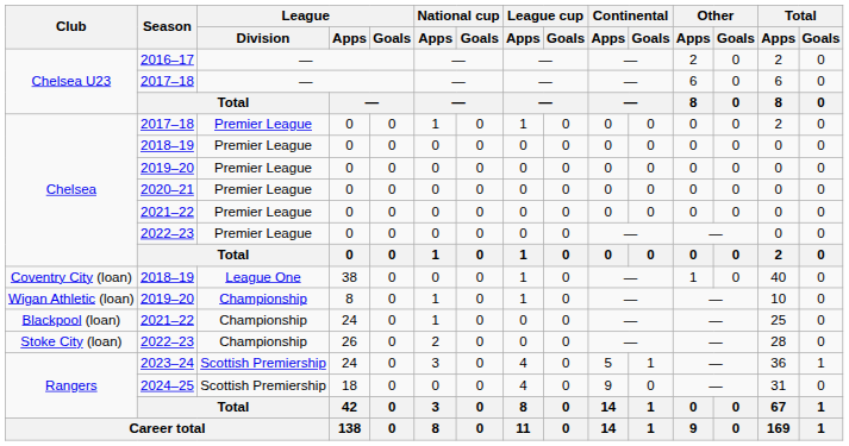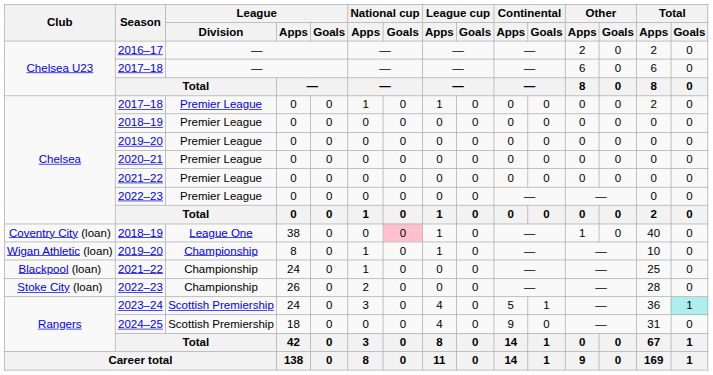 <table class="wikitable" style="text-align: center">
 <tr>
 <th rowspan=2>Club</th>
 <th rowspan=2>Season</th>
 <th colspan=3>League</th>
 <th colspan=2>National cup</th>
 <th colspan=2>League cup</th>
 <th colspan="2">Continental</th>
 <th colspan="2">Other</th>
 <th colspan=2>Total</th>
 </tr>
 <tr>
 <th>Division</th>
 <th>Apps</th>
 <th>Goals</th>
 <th>Apps</th>
 <th>Goals</th>
 <th>Apps</th>
 <th>Goals</th>
 <th>Apps</th>
 <th>Goals</th>
 <th>Apps</th>
 <th>Goals</th>
 <th>Apps</th>
 <th>Goals</th>
 </tr>
 <tr>
 <td rowspan="3"><a href='#'>Chelsea U23</a></td>
 <td><a href='#'>2016–17</a></td>
 <td colspan=3>—</td>
 <td colspan=2>—</td>
 <td colspan=2>—</td>
 <td colspan="2">—</td>
 <td>2</td>
 <td>0</td>
 <td>2</td>
 <td>0</td>
 </tr>
 <tr>
 <td><a href='#'>2017–18</a></td>
 <td colspan=3>—</td>
 <td colspan=2>—</td>
 <td colspan=2>—</td>
 <td colspan="2">—</td>
 <td>6</td>
 <td>0</td>
 <td>6</td>
 <td>0</td>
 </tr>
 <tr>
 <th colspan=2>Total</th>
 <th colspan=2>—</th>
 <th colspan=2>—</th>
 <th colspan=2>—</th>
 <th colspan="2">—</th>
 <th>8</th>
 <th>0</th>
 <th>8</th>
 <th>0</th>
 </tr>
 <tr>
 <td rowspan="7"><a href='#'>Chelsea</a></td>
 <td><a href='#'>2017–18</a></td>
 <td><a href='#'>Premier League</a></td>
 <td>0</td>
 <td>0</td>
 <td>1</td>
 <td>0</td>
 <td>1</td>
 <td>0</td>
 <td>0</td>
 <td>0</td>
 <td>0</td>
 <td>0</td>
 <td>2</td>
 <td>0</td>
 </tr>
 <tr>
 <td><a href='#'>2018–19</a></td>
 <td>Premier League</td>
 <td>0</td>
 <td>0</td>
 <td>0</td>
 <td>0</td>
 <td>0</td>
 <td>0</td>
 <td>0</td>
 <td>0</td>
 <td>0</td>
 <td>0</td>
 <td>0</td>
 <td>0</td>
 </tr>
 <tr>
 <td><a href='#'>2019–20</a></td>
 <td>Premier League</td>
 <td>0</td>
 <td>0</td>
 <td>0</td>
 <td>0</td>
 <td>0</td>
 <td>0</td>
 <td>0</td>
 <td>0</td>
 <td>0</td>
 <td>0</td>
 <td>0</td>
 <td>0</td>
 </tr>
 <tr>
 <td><a href='#'>2020–21</a></td>
 <td>Premier League</td>
 <td>0</td>
 <td>0</td>
 <td>0</td>
 <td>0</td>
 <td>0</td>
 <td>0</td>
 <td>0</td>
 <td>0</td>
 <td>0</td>
 <td>0</td>
 <td>0</td>
 <td>0</td>
 </tr>
 <tr>
 <td><a href='#'>2021–22</a></td>
 <td>Premier League</td>
 <td>0</td>
 <td>0</td>
 <td>0</td>
 <td>0</td>
 <td>0</td>
 <td>0</td>
 <td>0</td>
 <td>0</td>
 <td>0</td>
 <td>0</td>
 <td>0</td>
 <td>0</td>
 </tr>
 <tr>
 <td><a href='#'>2022–23</a></td>
 <td>Premier League</td>
 <td>0</td>
 <td>0</td>
 <td>0</td>
 <td>0</td>
 <td>0</td>
 <td>0</td>
 <td colspan="2">—</td>
 <td colspan="2">—</td>
 <td>0</td>
 <td>0</td>
 </tr>
 <tr>
 <th colspan=2>Total</th>
 <th>0</th>
 <th>0</th>
 <th>1</th>
 <th>0</th>
 <th>1</th>
 <th>0</th>
 <th>0</th>
 <th>0</th>
 <th>0</th>
 <th>0</th>
 <th>2</th>
 <th>0</th>
 </tr>
 <tr>
 <td><a href='#'>Coventry City</a> (loan)</td>
 <td><a href='#'>2018–19</a></td>
 <td><a href='#'>League One</a></td>
 <td>38</td>
 <td>0</td>
 <td>0</td>
-<td>0</td>
+<td style="background: pink;">0</td>
 <td>1</td>
 <td>0</td>
 <td colspan="2">—</td>
 <td>1</td>
 <td>0</td>
 <td>40</td>
 <td>0</td>
 </tr>
 <tr>
 <td><a href='#'>Wigan Athletic</a> (loan)</td>
 <td><a href='#'>2019–20</a></td>
 <td><a href='#'>Championship</a></td>
 <td>8</td>
 <td>0</td>
 <td>1</td>
 <td>0</td>
 <td>1</td>
 <td>0</td>
 <td colspan="2">—</td>
 <td colspan="2">—</td>
 <td>10</td>
 <td>0</td>
 </tr>
 <tr>
 <td><a href='#'>Blackpool</a> (loan)</td>
 <td><a href='#'>2021–22</a></td>
 <td>Championship</td>
 <td>24</td>
 <td>0</td>
 <td>1</td>
 <td>0</td>
 <td>0</td>
 <td>0</td>
 <td colspan="2">—</td>
 <td colspan="2">—</td>
 <td>25</td>
 <td>0</td>
 </tr>
 <tr>
 <td><a href='#'>Stoke City</a> (loan)</td>
 <td><a href='#'>2022–23</a></td>
 <td>Championship</td>
 <td>26</td>
 <td>0</td>
 <td>2</td>
 <td>0</td>
 <td>0</td>
 <td>0</td>
 <td colspan="2">—</td>
 <td colspan="2">—</td>
 <td>28</td>
 <td>0</td>
 </tr>
 <tr>
 <td rowspan="3"><a href='#'>Rangers</a></td>
 <td><a href='#'>2023–24</a></td>
 <td><a href='#'>Scottish Premiership</a></td>
 <td>24</td>
 <td>0</td>
 <td>3</td>
 <td>0</td>
 <td>4</td>
 <td>0</td>
 <td>5</td>
 <td>1</td>
 <td colspan="2">—</td>
 <td>36</td>
-<td>1</td>
+<td style="background: paleturquoise;">1</td>
 </tr>
 <tr>
 <td><a href='#'>2024–25</a></td>
 <td>Scottish Premiership</td>
 <td>18</td>
 <td>0</td>
 <td>0</td>
 <td>0</td>
 <td>4</td>
 <td>0</td>
 <td>9</td>
 <td>0</td>
 <td colspan="2">—</td>
 <td>31</td>
 <td>0</td>
 </tr>
 <tr>
 <th colspan=2>Total</th>
 <th>42</th>
 <th>0</th>
 <th>3</th>
 <th>0</th>
 <th>8</th>
 <th>0</th>
 <th>14</th>
 <th>1</th>
 <th>0</th>
 <th>0</th>
 <th>67</th>
 <th>1</th>
 </tr>
 <tr>
 <th colspan=3>Career total</th>
 <th>138</th>
 <th>0</th>
 <th>8</th>
 <th>0</th>
 <th>11</th>
 <th>0</th>
 <th>14</th>
 <th>1</th>
 <th>9</th>
 <th>0</th>
 <th>169</th>
 <th>1</th>
 </tr>
 </table>
